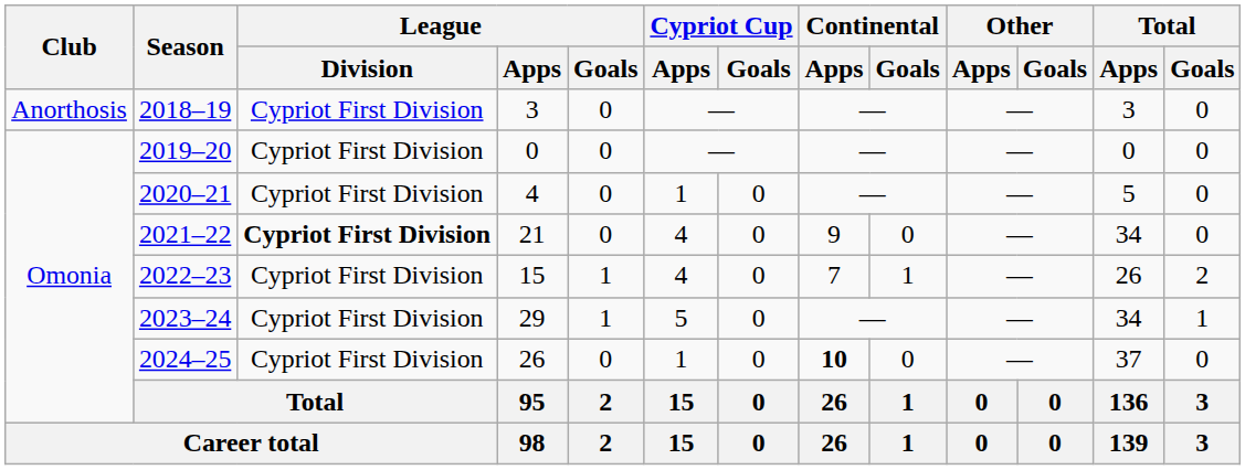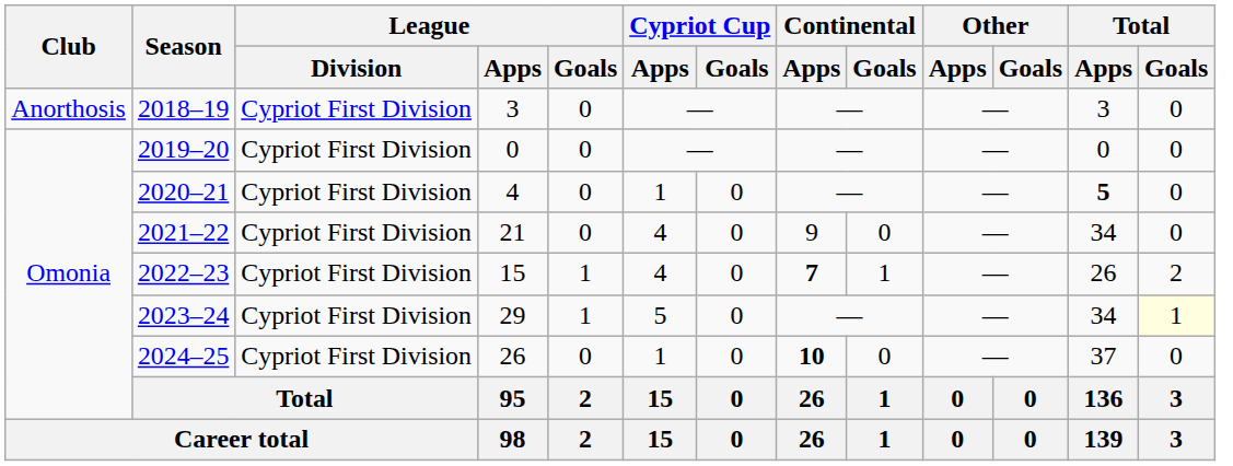 <table class="wikitable" style="text-align: center;">
 <tr>
 <th rowspan="2">Club</th>
 <th rowspan="2">Season</th>
 <th colspan="3">League</th>
 <th colspan="2"><a href='#'>Cypriot Cup</a></th>
 <th colspan="2">Continental</th>
 <th colspan="2">Other</th>
 <th colspan="2">Total</th>
 </tr>
 <tr>
 <th>Division</th>
 <th>Apps</th>
 <th>Goals</th>
 <th>Apps</th>
 <th>Goals</th>
 <th>Apps</th>
 <th>Goals</th>
 <th>Apps</th>
 <th>Goals</th>
 <th>Apps</th>
 <th>Goals</th>
 </tr>
 <tr>
 <td><a href='#'>Anorthosis</a></td>
 <td><a href='#'>2018–19</a></td>
 <td><a href='#'>Cypriot First Division</a></td>
 <td>3</td>
 <td>0</td>
 <td colspan=2>—</td>
 <td colspan=2>—</td>
 <td colspan=2>—</td>
 <td>3</td>
 <td>0</td>
 </tr>
 <tr>
 <td rowspan="7"><a href='#'>Omonia</a></td>
 <td><a href='#'>2019–20</a></td>
 <td>Cypriot First Division</td>
 <td>0</td>
 <td>0</td>
 <td colspan=2>—</td>
 <td colspan=2>—</td>
 <td colspan=2>—</td>
 <td>0</td>
 <td>0</td>
 </tr>
 <tr>
 <td><a href='#'>2020–21</a></td>
 <td>Cypriot First Division</td>
 <td>4</td>
 <td>0</td>
 <td>1</td>
 <td>0</td>
 <td colspan=2>—</td>
 <td colspan=2>—</td>
-<td>5</td>
+<td><strong>5</strong></td>
 <td>0</td>
 </tr>
 <tr>
 <td><a href='#'>2021–22</a></td>
-<td><strong>Cypriot First Division</strong></td>
+<td>Cypriot First Division</td>
 <td>21</td>
 <td>0</td>
 <td>4</td>
 <td>0</td>
 <td>9</td>
 <td>0</td>
 <td colspan=2>—</td>
 <td>34</td>
 <td>0</td>
 </tr>
 <tr>
 <td><a href='#'>2022–23</a></td>
 <td>Cypriot First Division</td>
 <td>15</td>
 <td>1</td>
 <td>4</td>
 <td>0</td>
-<td>7</td>
+<td><strong>7</strong></td>
 <td>1</td>
 <td colspan=2>—</td>
 <td>26</td>
 <td>2</td>
 </tr>
 <tr>
 <td><a href='#'>2023–24</a></td>
 <td>Cypriot First Division</td>
 <td>29</td>
 <td>1</td>
 <td>5</td>
 <td>0</td>
 <td colspan=2>—</td>
 <td colspan=2>—</td>
 <td>34</td>
-<td>1</td>
+<td style="background: lightyellow;">1</td>
 </tr>
 <tr>
 <td><a href='#'>2024–25</a></td>
 <td>Cypriot First Division</td>
 <td>26</td>
 <td>0</td>
 <td>1</td>
 <td>0</td>
 <td><strong>10</strong></td>
 <td>0</td>
 <td colspan=2>—</td>
 <td>37</td>
 <td>0</td>
 </tr>
 <tr>
 <th colspan="2">Total</th>
 <th>95</th>
 <th>2</th>
 <th>15</th>
 <th>0</th>
 <th>26</th>
 <th>1</th>
 <th>0</th>
 <th>0</th>
 <th>136</th>
 <th>3</th>
 </tr>
 <tr>
 <th colspan="3">Career total</th>
 <th>98</th>
 <th>2</th>
 <th>15</th>
 <th>0</th>
 <th>26</th>
 <th>1</th>
 <th>0</th>
 <th>0</th>
 <th>139</th>
 <th>3</th>
 </tr>
 </table>
